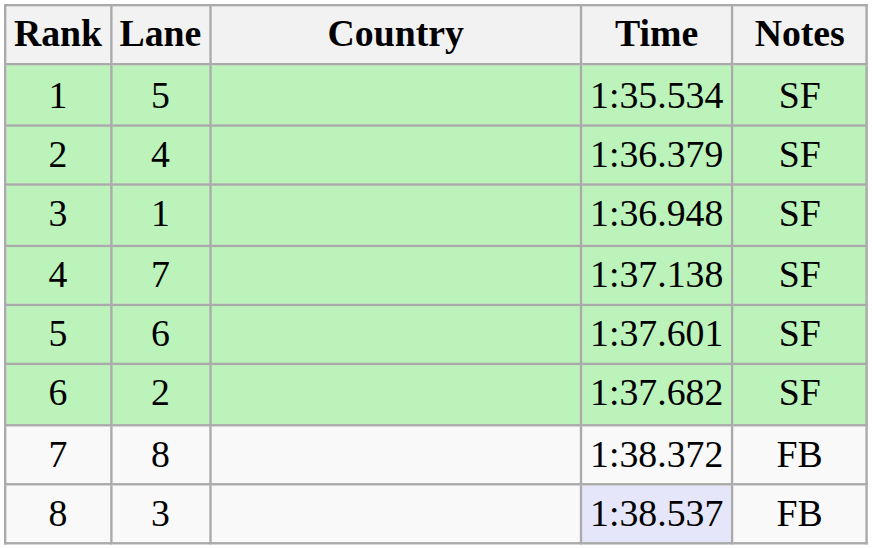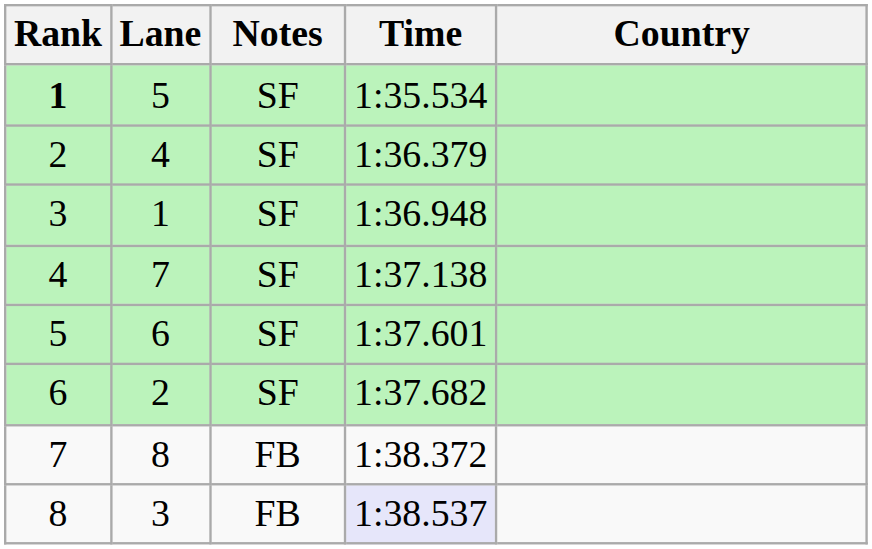 <table class="wikitable" style="text-align:center;">
 <tr>
 <th width=30>Rank</th>
 <th width=30>Lane</th>
+<th width=50>Notes</th>
+<th width=30>Time</th>
 <th width=150>Country</th>
-<th width=30>Time</th>
-<th width=50>Notes</th>
 </tr>
 <tr bgcolor=bbf3bb>
-<td>1</td>
+<td><strong>1</strong></td>
 <td>5</td>
+<td>SF</td>
+<td>1:35.534</td>
 <td align=left></td>
-<td>1:35.534</td>
-<td>SF</td>
 </tr>
 <tr bgcolor=bbf3bb>
 <td>2</td>
 <td>4</td>
+<td>SF</td>
+<td>1:36.379</td>
 <td align=left></td>
-<td>1:36.379</td>
-<td>SF</td>
 </tr>
 <tr bgcolor=bbf3bb>
 <td>3</td>
 <td>1</td>
+<td>SF</td>
+<td>1:36.948</td>
 <td align=left></td>
-<td>1:36.948</td>
-<td>SF</td>
 </tr>
 <tr bgcolor=bbf3bb>
 <td>4</td>
 <td>7</td>
+<td>SF</td>
+<td>1:37.138</td>
 <td align=left></td>
-<td>1:37.138</td>
-<td>SF</td>
 </tr>
 <tr bgcolor=bbf3bb>
 <td>5</td>
 <td>6</td>
+<td>SF</td>
+<td>1:37.601</td>
 <td align=left></td>
-<td>1:37.601</td>
-<td>SF</td>
 </tr>
 <tr bgcolor=bbf3bb>
 <td>6</td>
 <td>2</td>
+<td>SF</td>
+<td>1:37.682</td>
 <td align=left></td>
-<td>1:37.682</td>
-<td>SF</td>
 </tr>
 <tr>
 <td>7</td>
 <td>8</td>
+<td>FB</td>
+<td>1:38.372</td>
 <td align=left></td>
-<td>1:38.372</td>
-<td>FB</td>
 </tr>
 <tr>
 <td>8</td>
 <td>3</td>
+<td>FB</td>
+<td style="background: lavender;">1:38.537</td>
 <td align=left></td>
-<td style="background: lavender;">1:38.537</td>
-<td>FB</td>
 </tr>
 </table>
